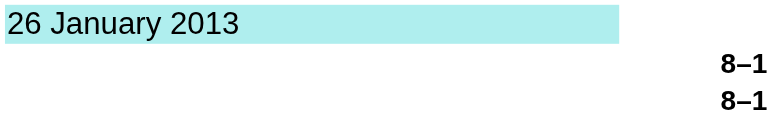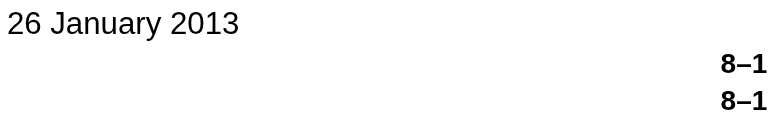 <table style="width:100%;" cellspacing="1">
 <tr>
 <th width=25%></th>
 <th width=10%></th>
 <th></th>
 </tr>
 <tr>
-<td style="background: paleturquoise;">26 January 2013</td>
+<td>26 January 2013</td>
 </tr>
 <tr style=font-size:90%>
 <td align=right><strong></strong></td>
 <td align=center><strong>8–1</strong></td>
 <td><strong></strong></td>
 </tr>
 <tr style=font-size:90%>
 <td align=right><strong></strong></td>
 <td align=center><strong>8–1</strong></td>
 <td><strong></strong></td>
 </tr>
 </table>
